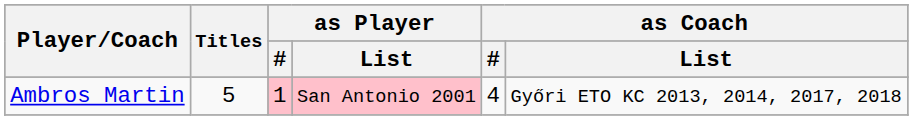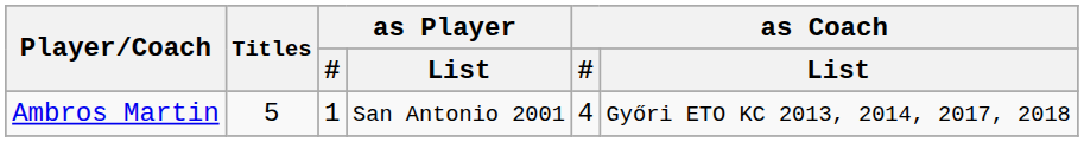 <table class="wikitable sortable" style="border:1px solid #AAAAAA">
 <tr bgcolor="#EFEFEF">
 <th rowspan=2>Player/Coach</th>
 <th rowspan=2><small>Titles</small></th>
 <th colspan=2>as Player</th>
 <th colspan=2>as Coach</th>
 </tr>
 <tr>
 <th>#</th>
 <th>List</th>
 <th>#</th>
 <th>List</th>
 </tr>
 <tr align="center">
 <td align="left"> <a href='#'>Ambros Martin</a></td>
 <td>5</td>
-<td style="background: pink;">1</td>
-<td style="background: pink;"><small>San Antonio 2001</small></td>
+<td>1</td>
+<td><small>San Antonio 2001</small></td>
 <td>4</td>
 <td><small>Győri ETO KC 2013, 2014, 2017, 2018</small></td>
 </tr>
 </table>
